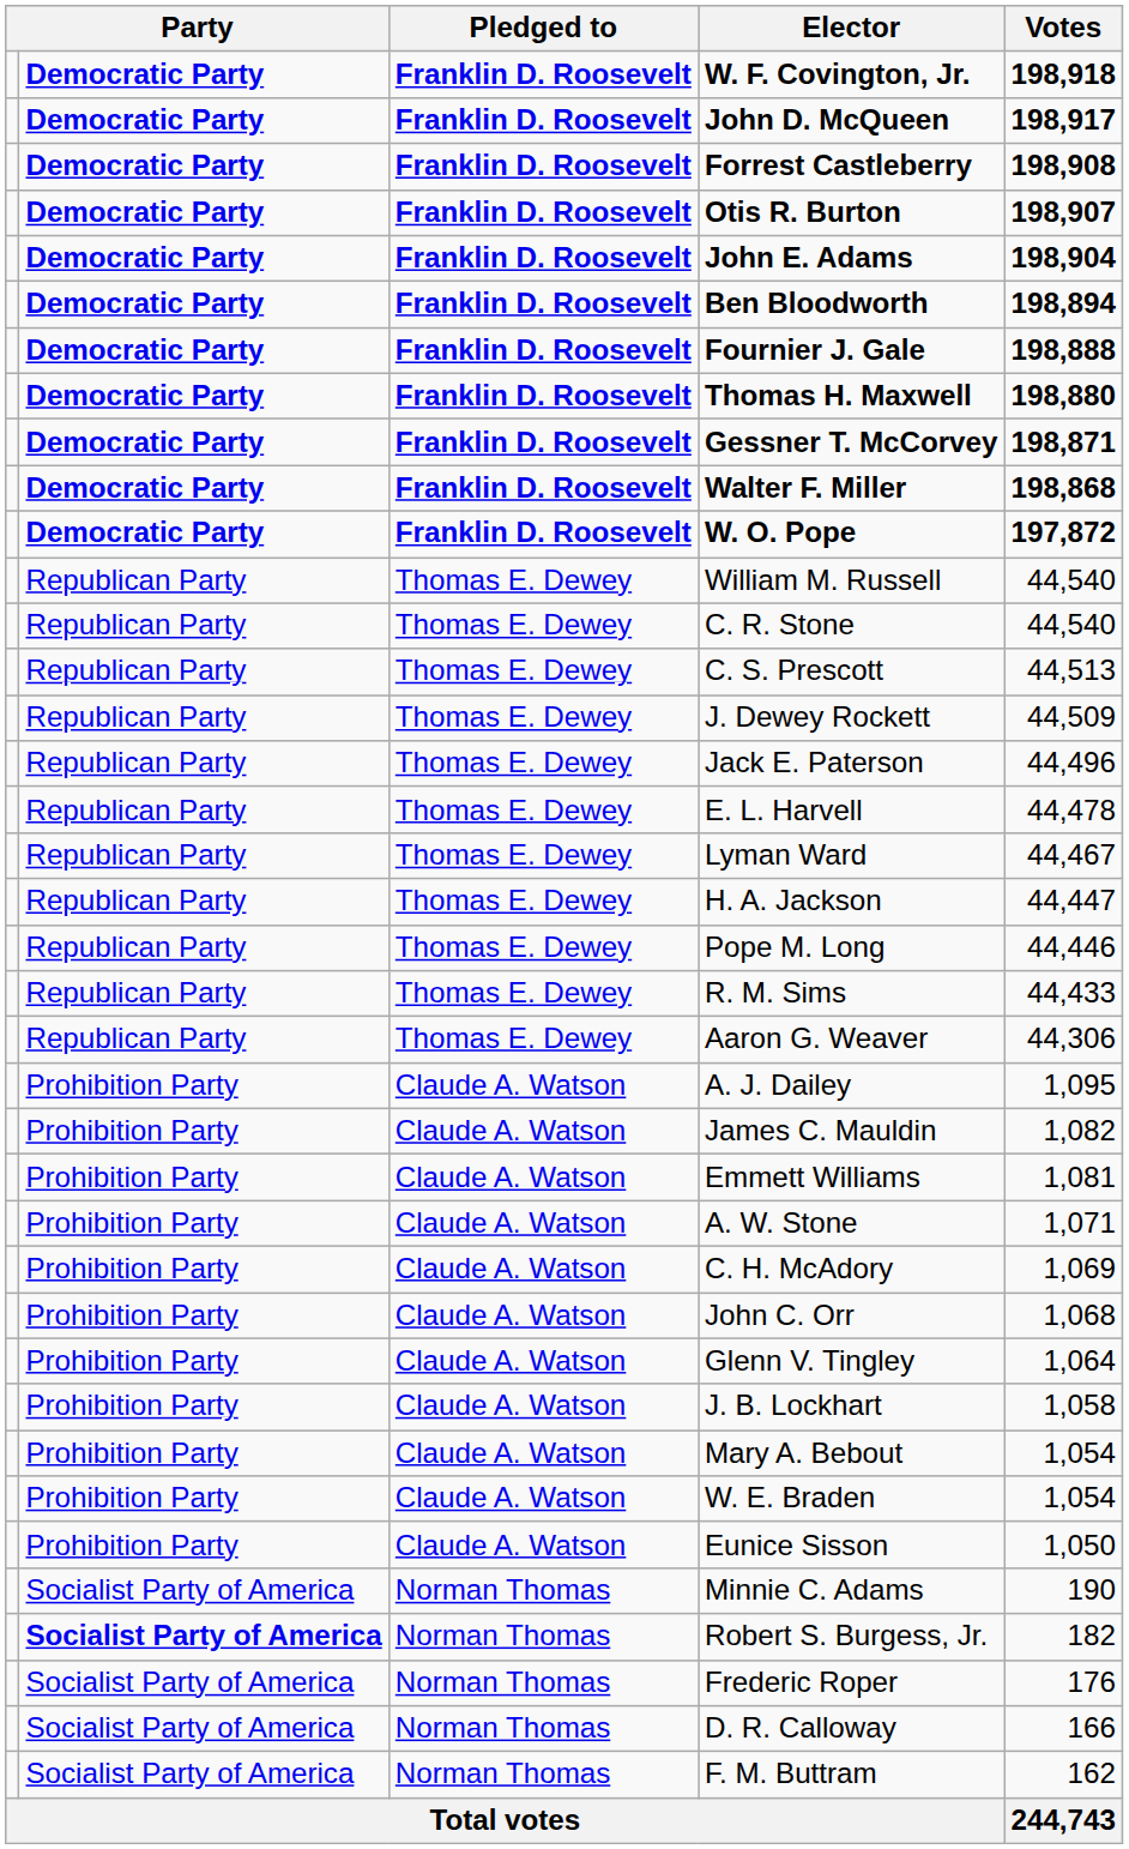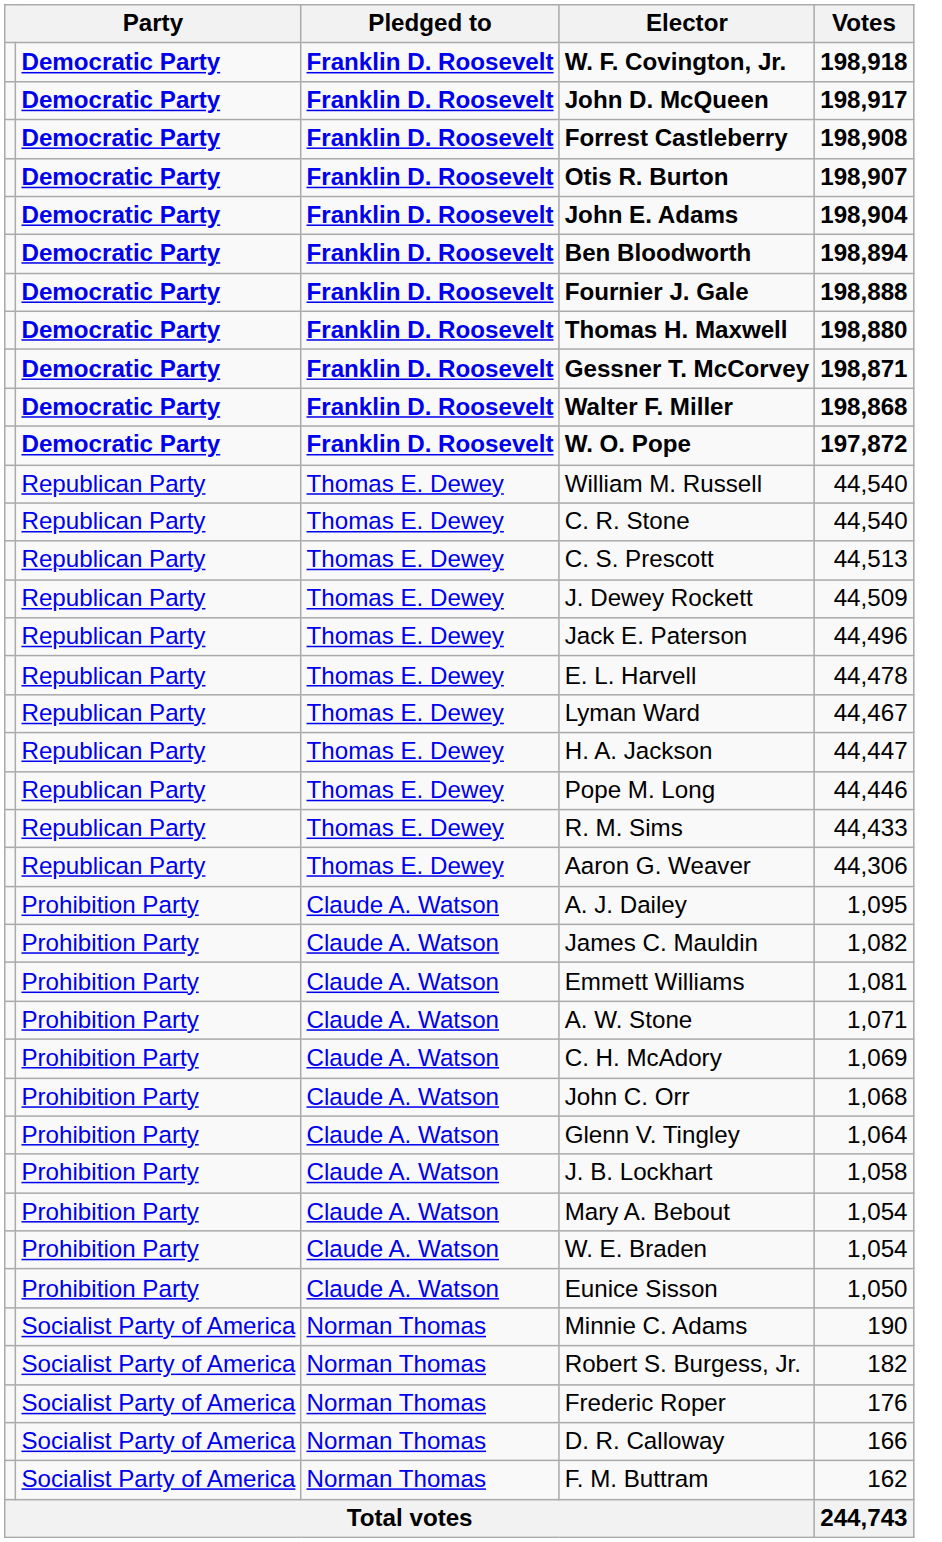 <table class="wikitable">
 <tr>
 <th colspan=2>Party</th>
 <th>Pledged to</th>
 <th>Elector</th>
 <th>Votes</th>
 </tr>
 <tr style="font-weight:bold">
 <td bgcolor=></td>
 <td><a href='#'>Democratic Party</a></td>
 <td><a href='#'>Franklin D. Roosevelt</a></td>
 <td>W. F. Covington, Jr.</td>
 <td align=right>198,918</td>
 </tr>
 <tr style="font-weight:bold">
 <td bgcolor=></td>
 <td><a href='#'>Democratic Party</a></td>
 <td><a href='#'>Franklin D. Roosevelt</a></td>
 <td>John D. McQueen</td>
 <td align=right>198,917</td>
 </tr>
 <tr style="font-weight:bold">
 <td bgcolor=></td>
 <td><a href='#'>Democratic Party</a></td>
 <td><a href='#'>Franklin D. Roosevelt</a></td>
 <td>Forrest Castleberry</td>
 <td align=right>198,908</td>
 </tr>
 <tr style="font-weight:bold">
 <td bgcolor=></td>
 <td><a href='#'>Democratic Party</a></td>
 <td><a href='#'>Franklin D. Roosevelt</a></td>
 <td>Otis R. Burton</td>
 <td align=right>198,907</td>
 </tr>
 <tr style="font-weight:bold">
 <td bgcolor=></td>
 <td><a href='#'>Democratic Party</a></td>
 <td><a href='#'>Franklin D. Roosevelt</a></td>
 <td>John E. Adams</td>
 <td align=right>198,904</td>
 </tr>
 <tr style="font-weight:bold">
 <td bgcolor=></td>
 <td><a href='#'>Democratic Party</a></td>
 <td><a href='#'>Franklin D. Roosevelt</a></td>
 <td>Ben Bloodworth</td>
 <td align=right>198,894</td>
 </tr>
 <tr style="font-weight:bold">
 <td bgcolor=></td>
 <td><a href='#'>Democratic Party</a></td>
 <td><a href='#'>Franklin D. Roosevelt</a></td>
 <td>Fournier J. Gale</td>
 <td align=right>198,888</td>
 </tr>
 <tr style="font-weight:bold">
 <td bgcolor=></td>
 <td><a href='#'>Democratic Party</a></td>
 <td><a href='#'>Franklin D. Roosevelt</a></td>
 <td>Thomas H. Maxwell</td>
 <td align=right>198,880</td>
 </tr>
 <tr style="font-weight:bold">
 <td bgcolor=></td>
 <td><a href='#'>Democratic Party</a></td>
 <td><a href='#'>Franklin D. Roosevelt</a></td>
 <td>Gessner T. McCorvey</td>
 <td align=right>198,871</td>
 </tr>
 <tr style="font-weight:bold">
 <td bgcolor=></td>
 <td><a href='#'>Democratic Party</a></td>
 <td><a href='#'>Franklin D. Roosevelt</a></td>
 <td>Walter F. Miller</td>
 <td align=right>198,868</td>
 </tr>
 <tr style="font-weight:bold">
 <td bgcolor=></td>
 <td><a href='#'>Democratic Party</a></td>
 <td><a href='#'>Franklin D. Roosevelt</a></td>
 <td>W. O. Pope</td>
 <td align=right>197,872</td>
 </tr>
 <tr>
 <td bgcolor=></td>
 <td><a href='#'>Republican Party</a></td>
 <td><a href='#'>Thomas E. Dewey</a></td>
 <td>William M. Russell</td>
 <td align=right>44,540</td>
 </tr>
 <tr>
 <td bgcolor=></td>
 <td><a href='#'>Republican Party</a></td>
 <td><a href='#'>Thomas E. Dewey</a></td>
 <td>C. R. Stone</td>
 <td align=right>44,540</td>
 </tr>
 <tr>
 <td bgcolor=></td>
 <td><a href='#'>Republican Party</a></td>
 <td><a href='#'>Thomas E. Dewey</a></td>
 <td>C. S. Prescott</td>
 <td align=right>44,513</td>
 </tr>
 <tr>
 <td bgcolor=></td>
 <td><a href='#'>Republican Party</a></td>
 <td><a href='#'>Thomas E. Dewey</a></td>
 <td>J. Dewey Rockett</td>
 <td align=right>44,509</td>
 </tr>
 <tr>
 <td bgcolor=></td>
 <td><a href='#'>Republican Party</a></td>
 <td><a href='#'>Thomas E. Dewey</a></td>
 <td>Jack E. Paterson</td>
 <td align=right>44,496</td>
 </tr>
 <tr>
 <td bgcolor=></td>
 <td><a href='#'>Republican Party</a></td>
 <td><a href='#'>Thomas E. Dewey</a></td>
 <td>E. L. Harvell</td>
 <td align=right>44,478</td>
 </tr>
 <tr>
 <td bgcolor=></td>
 <td><a href='#'>Republican Party</a></td>
 <td><a href='#'>Thomas E. Dewey</a></td>
 <td>Lyman Ward</td>
 <td align=right>44,467</td>
 </tr>
 <tr>
 <td bgcolor=></td>
 <td><a href='#'>Republican Party</a></td>
 <td><a href='#'>Thomas E. Dewey</a></td>
 <td>H. A. Jackson</td>
 <td align=right>44,447</td>
 </tr>
 <tr>
 <td bgcolor=></td>
 <td><a href='#'>Republican Party</a></td>
 <td><a href='#'>Thomas E. Dewey</a></td>
 <td>Pope M. Long</td>
 <td align=right>44,446</td>
 </tr>
 <tr>
 <td bgcolor=></td>
 <td><a href='#'>Republican Party</a></td>
 <td><a href='#'>Thomas E. Dewey</a></td>
 <td>R. M. Sims</td>
 <td align=right>44,433</td>
 </tr>
 <tr>
 <td bgcolor=></td>
 <td><a href='#'>Republican Party</a></td>
 <td><a href='#'>Thomas E. Dewey</a></td>
 <td>Aaron G. Weaver</td>
 <td align=right>44,306</td>
 </tr>
 <tr>
 <td bgcolor=></td>
 <td><a href='#'>Prohibition Party</a></td>
 <td><a href='#'>Claude A. Watson</a></td>
 <td>A. J. Dailey</td>
 <td align=right>1,095</td>
 </tr>
 <tr>
 <td bgcolor=></td>
 <td><a href='#'>Prohibition Party</a></td>
 <td><a href='#'>Claude A. Watson</a></td>
 <td>James C. Mauldin</td>
 <td align=right>1,082</td>
 </tr>
 <tr>
 <td bgcolor=></td>
 <td><a href='#'>Prohibition Party</a></td>
 <td><a href='#'>Claude A. Watson</a></td>
 <td>Emmett Williams</td>
 <td align=right>1,081</td>
 </tr>
 <tr>
 <td bgcolor=></td>
 <td><a href='#'>Prohibition Party</a></td>
 <td><a href='#'>Claude A. Watson</a></td>
 <td>A. W. Stone</td>
 <td align=right>1,071</td>
 </tr>
 <tr>
 <td bgcolor=></td>
 <td><a href='#'>Prohibition Party</a></td>
 <td><a href='#'>Claude A. Watson</a></td>
 <td>C. H. McAdory</td>
 <td align=right>1,069</td>
 </tr>
 <tr>
 <td bgcolor=></td>
 <td><a href='#'>Prohibition Party</a></td>
 <td><a href='#'>Claude A. Watson</a></td>
 <td>John C. Orr</td>
 <td align=right>1,068</td>
 </tr>
 <tr>
 <td bgcolor=></td>
 <td><a href='#'>Prohibition Party</a></td>
 <td><a href='#'>Claude A. Watson</a></td>
 <td>Glenn V. Tingley</td>
 <td align=right>1,064</td>
 </tr>
 <tr>
 <td bgcolor=></td>
 <td><a href='#'>Prohibition Party</a></td>
 <td><a href='#'>Claude A. Watson</a></td>
 <td>J. B. Lockhart</td>
 <td align=right>1,058</td>
 </tr>
 <tr>
 <td bgcolor=></td>
 <td><a href='#'>Prohibition Party</a></td>
 <td><a href='#'>Claude A. Watson</a></td>
 <td>Mary A. Bebout</td>
 <td align=right>1,054</td>
 </tr>
 <tr>
 <td bgcolor=></td>
 <td><a href='#'>Prohibition Party</a></td>
 <td><a href='#'>Claude A. Watson</a></td>
 <td>W. E. Braden</td>
 <td align=right>1,054</td>
 </tr>
 <tr>
 <td bgcolor=></td>
 <td><a href='#'>Prohibition Party</a></td>
 <td><a href='#'>Claude A. Watson</a></td>
 <td>Eunice Sisson</td>
 <td align=right>1,050</td>
 </tr>
 <tr>
 <td bgcolor=></td>
 <td><a href='#'>Socialist Party of America</a></td>
 <td><a href='#'>Norman Thomas</a></td>
 <td>Minnie C. Adams</td>
 <td align=right>190</td>
 </tr>
 <tr>
 <td bgcolor=></td>
-<td><strong><a href='#'>Socialist Party of America</a></strong></td>
+<td><a href='#'>Socialist Party of America</a></td>
 <td><a href='#'>Norman Thomas</a></td>
 <td>Robert S. Burgess, Jr.</td>
 <td align=right>182</td>
 </tr>
 <tr>
 <td bgcolor=></td>
 <td><a href='#'>Socialist Party of America</a></td>
 <td><a href='#'>Norman Thomas</a></td>
 <td>Frederic Roper</td>
 <td align=right>176</td>
 </tr>
 <tr>
 <td bgcolor=></td>
 <td><a href='#'>Socialist Party of America</a></td>
 <td><a href='#'>Norman Thomas</a></td>
 <td>D. R. Calloway</td>
 <td align=right>166</td>
 </tr>
 <tr>
 <td bgcolor=></td>
 <td><a href='#'>Socialist Party of America</a></td>
 <td><a href='#'>Norman Thomas</a></td>
 <td>F. M. Buttram</td>
 <td align=right>162</td>
 </tr>
 <tr>
 <th colspan=4>Total votes</th>
 <th>244,743</th>
 </tr>
 </table>
